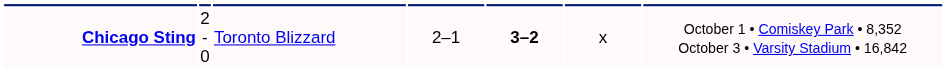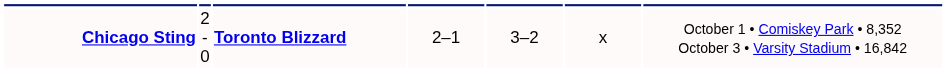 <table style="border-collapse:collapse border=1 cellspacing=0 cellpadding=2">
 <tr align=center bgcolor=#071871>
 <th width=180></th>
 <th width=5></th>
 <th width=180></th>
 <th width=70></th>
 <th width=70></th>
 <th width=70></th>
 <td width=280></td>
 </tr>
 <tr align=center bgcolor=fffafa>
 <td align=right><strong><a href='#'>Chicago Sting</a></strong></td>
 <td>2 - 0</td>
-<td align=left><a href='#'>Toronto Blizzard</a></td>
+<td align=left><strong><a href='#'>Toronto Blizzard</a></strong></td>
 <td>2–1</td>
-<td><strong>3–2</strong></td>
+<td>3–2</td>
 <td>x</td>
 <td><small>October 1 • <a href='#'>Comiskey Park</a> • 8,352<br>October 3 • <a href='#'>Varsity Stadium</a> • 16,842</small></td>
 </tr>
 </table>
